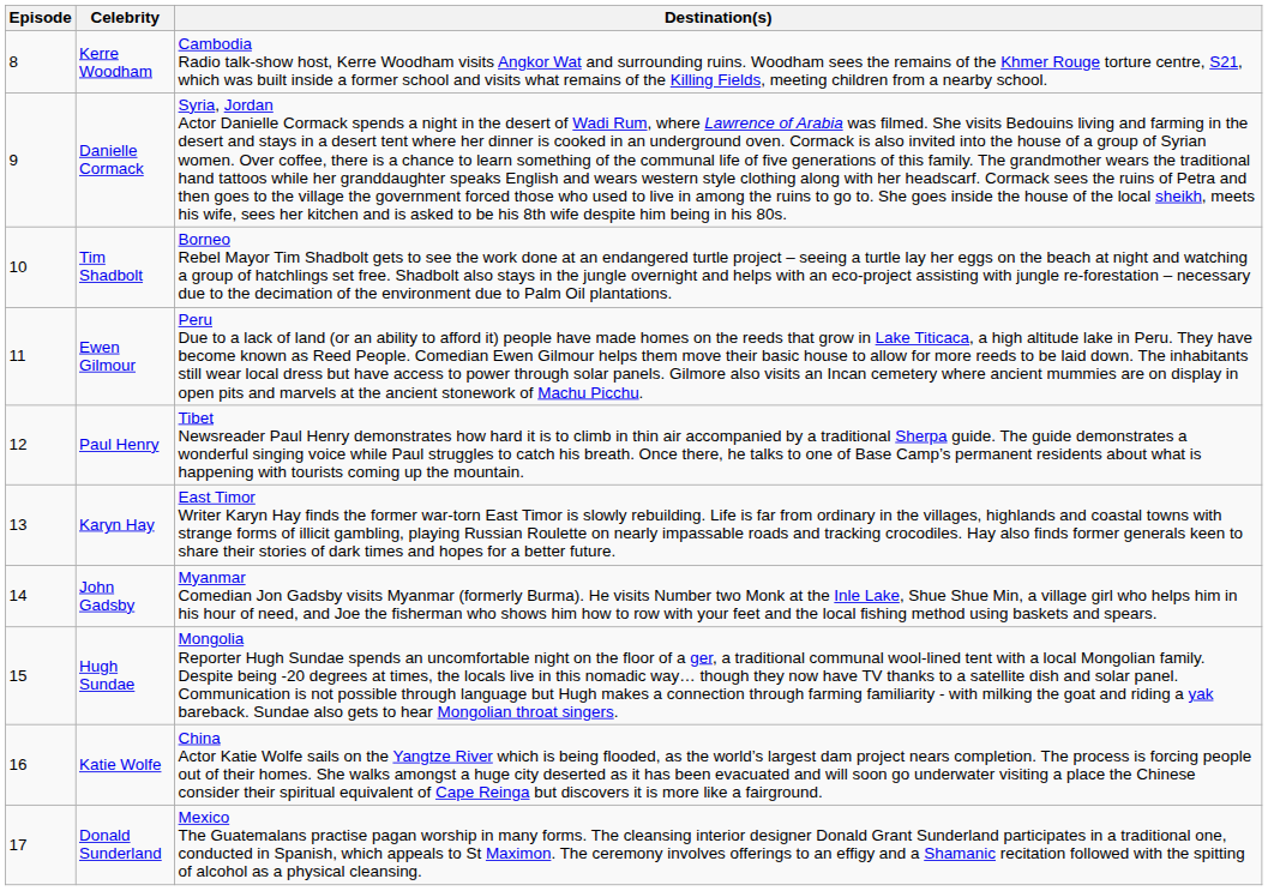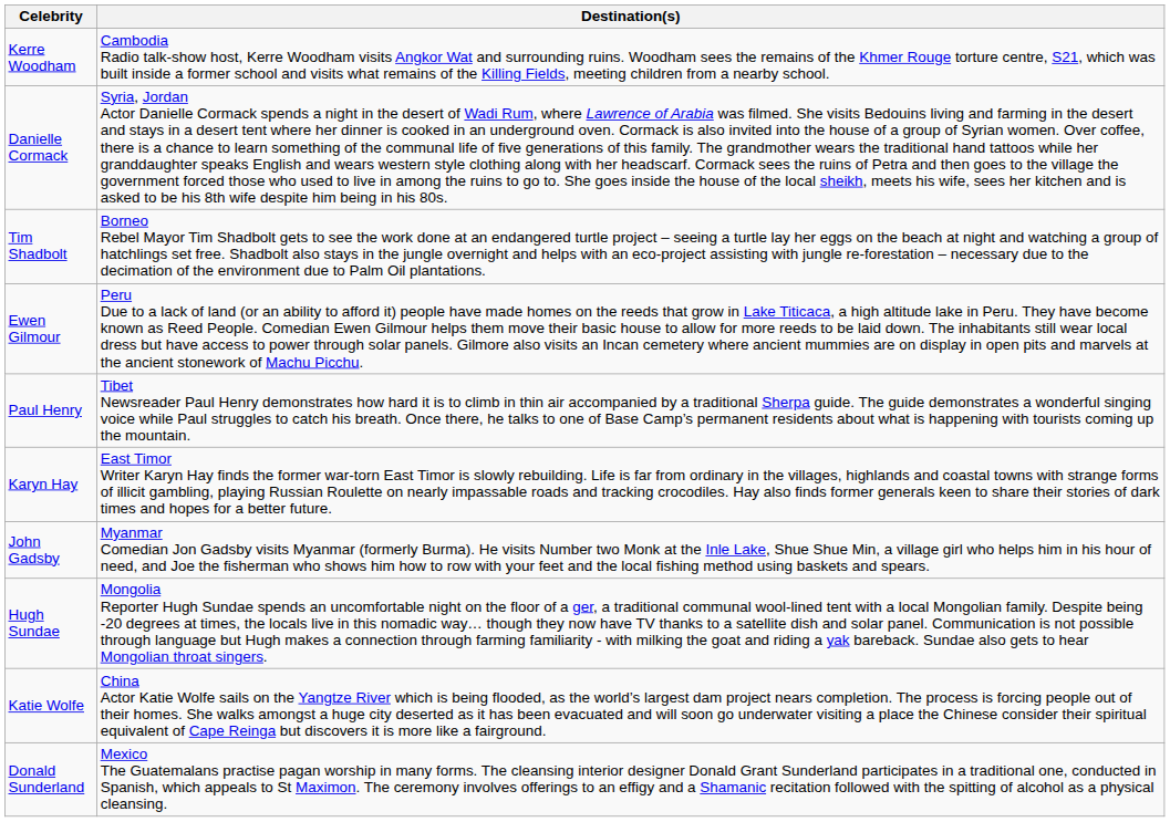 <table class="wikitable">
 <tr>
-<th>Episode</th>
 <th>Celebrity</th>
 <th>Destination(s)</th>
 </tr>
 <tr>
-<td>8</td>
 <td><a href='#'>Kerre Woodham</a></td>
 <td><a href='#'>Cambodia</a><br>Radio talk-show host, Kerre Woodham visits <a href='#'>Angkor Wat</a> and surrounding ruins. Woodham sees the remains of the <a href='#'>Khmer Rouge</a> torture centre, <a href='#'>S21</a>, which was built inside a former school and visits what remains of the <a href='#'>Killing Fields</a>, meeting children from a nearby school.</td>
 </tr>
 <tr>
-<td>9</td>
 <td><a href='#'>Danielle Cormack</a></td>
 <td><a href='#'>Syria</a>, <a href='#'>Jordan</a><br>Actor Danielle Cormack spends a night in the desert of <a href='#'>Wadi Rum</a>, where <em><a href='#'>Lawrence of Arabia</a></em> was filmed.  She visits Bedouins living and farming in the desert and stays in a desert tent where her dinner is cooked in an underground oven.  Cormack is also invited into the house of a group of Syrian women. Over coffee, there is a chance to learn something of the communal life of five generations of this family. The grandmother wears the traditional hand tattoos while her granddaughter speaks English and wears western style clothing along with her headscarf. Cormack sees the ruins of Petra and then goes to the village the government forced those who used to live in among the ruins to go to. She goes inside the house of the local <a href='#'>sheikh</a>, meets his wife, sees her kitchen and is asked to be his 8th wife despite him being in his 80s.</td>
 </tr>
 <tr>
-<td>10</td>
 <td><a href='#'>Tim Shadbolt</a></td>
 <td><a href='#'>Borneo</a><br>Rebel Mayor Tim Shadbolt gets to see the work done at an endangered turtle project – seeing a turtle lay her eggs on the beach at night and watching a group of hatchlings set free. Shadbolt also stays in the jungle overnight and helps with an eco-project assisting with jungle re-forestation – necessary due to the decimation of the environment due to Palm Oil plantations.</td>
 </tr>
 <tr>
-<td>11</td>
 <td><a href='#'>Ewen Gilmour</a></td>
 <td><a href='#'>Peru</a><br>Due to a lack of land (or an ability to afford it) people have made homes on the reeds that grow in <a href='#'>Lake Titicaca</a>, a high altitude lake in Peru.  They have become known as Reed People.  Comedian Ewen Gilmour helps them move their basic house to allow for more reeds to be laid down. The inhabitants still wear local dress but have access to power through solar panels. Gilmore also visits an Incan cemetery where ancient mummies are on display in open pits and marvels at the ancient stonework of <a href='#'>Machu Picchu</a>.</td>
 </tr>
 <tr>
-<td>12</td>
 <td><a href='#'>Paul Henry</a></td>
 <td><a href='#'>Tibet</a><br>Newsreader Paul Henry demonstrates how hard it is to climb in thin air accompanied by a traditional <a href='#'>Sherpa</a> guide.  The guide demonstrates a wonderful singing voice while Paul struggles to catch his breath.  Once there, he talks to one of Base Camp’s permanent residents about what is happening with tourists coming up the mountain.</td>
 </tr>
 <tr>
-<td>13</td>
 <td><a href='#'>Karyn Hay</a></td>
 <td><a href='#'>East Timor</a><br>Writer Karyn Hay finds the former war-torn East Timor is slowly rebuilding.  Life is far from ordinary in the villages, highlands and coastal towns with strange forms of illicit gambling, playing Russian Roulette on nearly impassable roads and tracking crocodiles.  Hay also finds former generals keen to share their stories of dark times and hopes for a better future.</td>
 </tr>
 <tr>
-<td>14</td>
 <td><a href='#'>John Gadsby</a></td>
 <td><a href='#'>Myanmar</a><br>Comedian Jon Gadsby visits Myanmar (formerly Burma). He visits Number two Monk at the <a href='#'>Inle Lake</a>, Shue Shue Min, a village girl who helps him in his hour of need, and Joe the fisherman who shows him how to row with your feet and the local fishing method using baskets and spears.</td>
 </tr>
 <tr>
-<td>15</td>
 <td><a href='#'>Hugh Sundae</a></td>
 <td><a href='#'>Mongolia</a><br>Reporter Hugh Sundae spends an uncomfortable night on the floor of a <a href='#'>ger</a>, a traditional communal wool-lined tent with a local Mongolian family.  Despite being -20 degrees at times, the locals live in this nomadic way… though they now have TV thanks to a satellite dish and solar panel.  Communication is not possible through language but Hugh makes a connection through farming familiarity - with milking the goat and riding a <a href='#'>yak</a> bareback. Sundae also gets to hear <a href='#'>Mongolian throat singers</a>.</td>
 </tr>
 <tr>
-<td>16</td>
 <td><a href='#'>Katie Wolfe</a></td>
 <td><a href='#'>China</a><br>Actor Katie Wolfe sails on the <a href='#'>Yangtze River</a> which is being flooded, as the world’s largest dam project nears completion.  The process is forcing people out of their homes.  She walks amongst a huge city deserted as it has been evacuated and will soon go underwater visiting a place the Chinese consider their spiritual equivalent of <a href='#'>Cape Reinga</a> but discovers it is more like a fairground.</td>
 </tr>
 <tr>
-<td>17</td>
 <td><a href='#'>Donald Sunderland</a></td>
 <td><a href='#'>Mexico</a><br>The Guatemalans practise pagan worship in many forms.  The cleansing interior designer Donald Grant Sunderland participates in a traditional one, conducted in Spanish, which appeals to St <a href='#'>Maximon</a>.  The ceremony involves offerings to an effigy and a <a href='#'>Shamanic</a> recitation followed with the spitting of alcohol as a physical cleansing.</td>
 </tr>
 </table>
